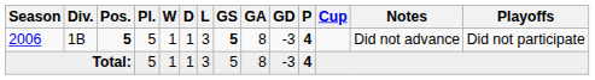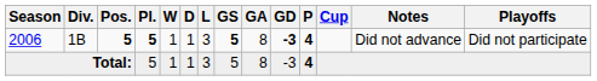 <table class="wikitable">
 <tr style="background:#efefef;">
 <th>Season</th>
 <th>Div.</th>
 <th>Pos.</th>
 <th>Pl.</th>
 <th>W</th>
 <th>D</th>
 <th>L</th>
 <th>GS</th>
 <th>GA</th>
 <th>GD</th>
 <th>P</th>
 <th><a href='#'>Cup</a></th>
 <th>Notes</th>
 <th>Playoffs</th>
 </tr>
 <tr>
 <td><a href='#'>2006</a></td>
 <td>1B</td>
 <td align=right><strong>5</strong></td>
-<td align=right>5</td>
+<td align=right><strong>5</strong></td>
 <td align=right>1</td>
 <td align=right>1</td>
 <td align=right>3</td>
 <td align=right><strong>5</strong></td>
 <td align=right>8</td>
-<td align=right>-3</td>
+<td align=right><strong>-3</strong></td>
 <td align=right><strong>4</strong></td>
 <td></td>
 <td>Did not advance</td>
 <td>Did not participate</td>
 </tr>
 <tr style="background:#efefef">
 <td align=right colspan=3><strong>Total:</strong></td>
 <td align=right>5</td>
 <td align=right>1</td>
 <td align=right>1</td>
 <td align=right>3</td>
 <td align=right>5</td>
 <td align=right>8</td>
 <td align=right>-3</td>
 <td align=right><strong>4</strong></td>
 <td colspan=3 bgcolor=#efefef></td>
 </tr>
 </table>
